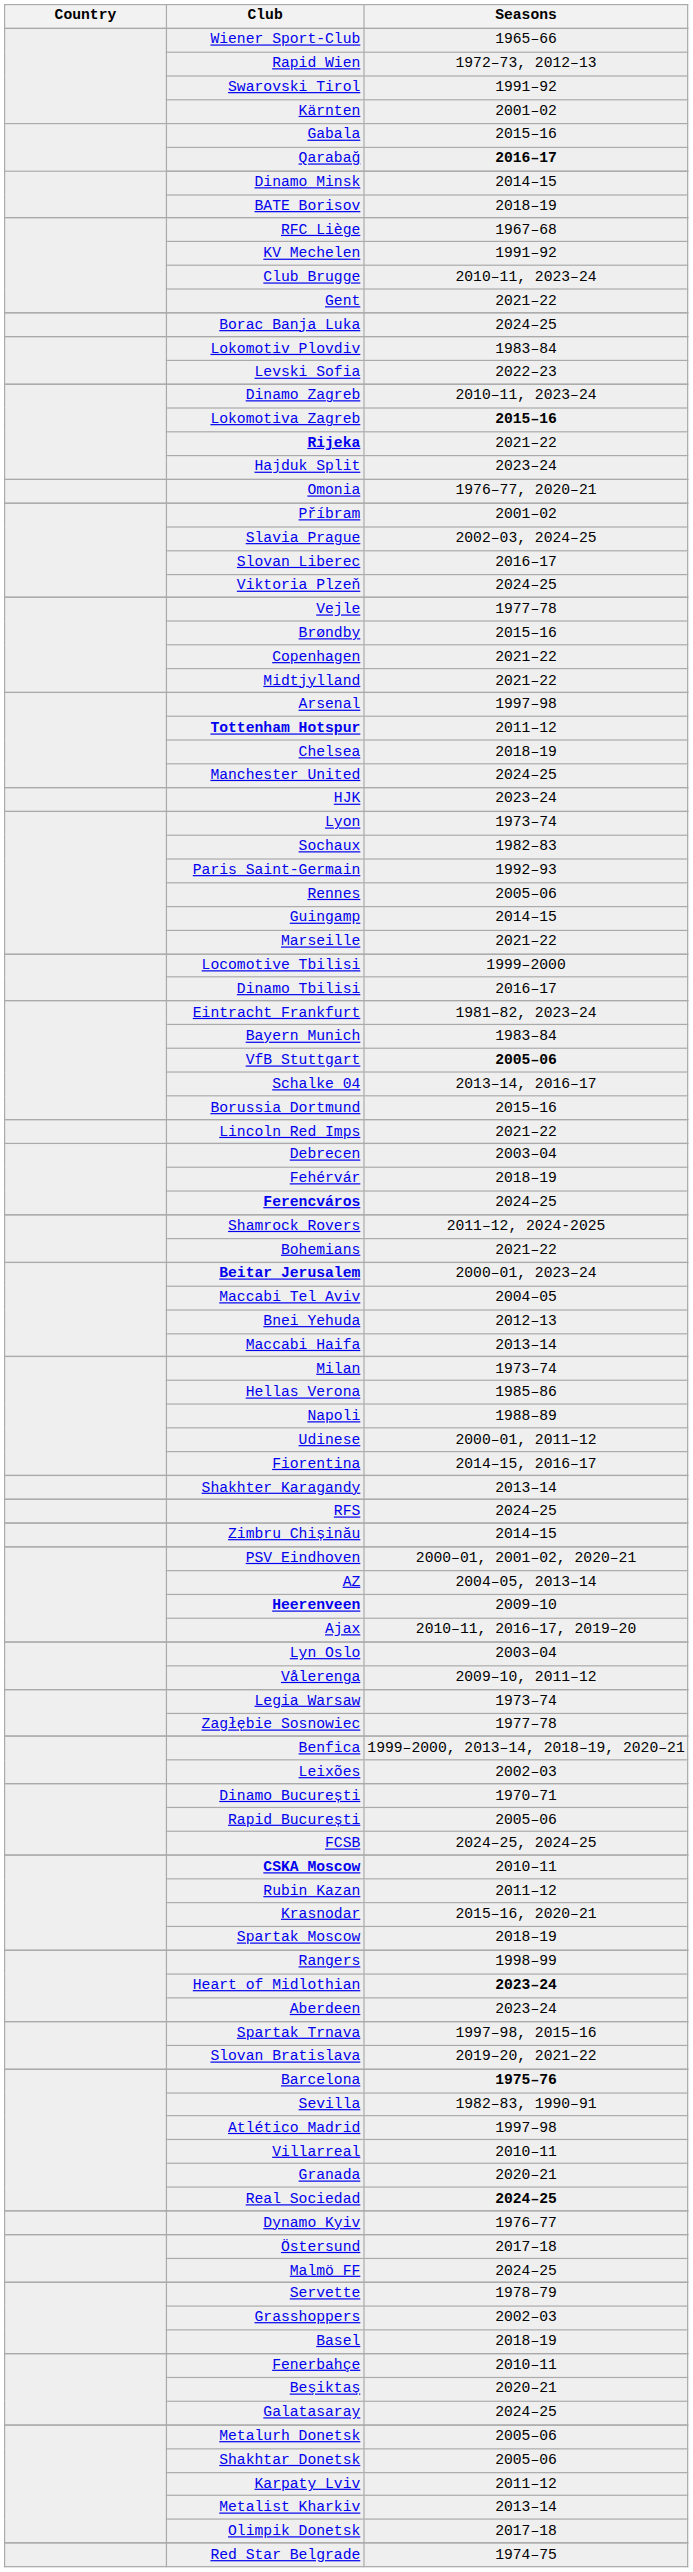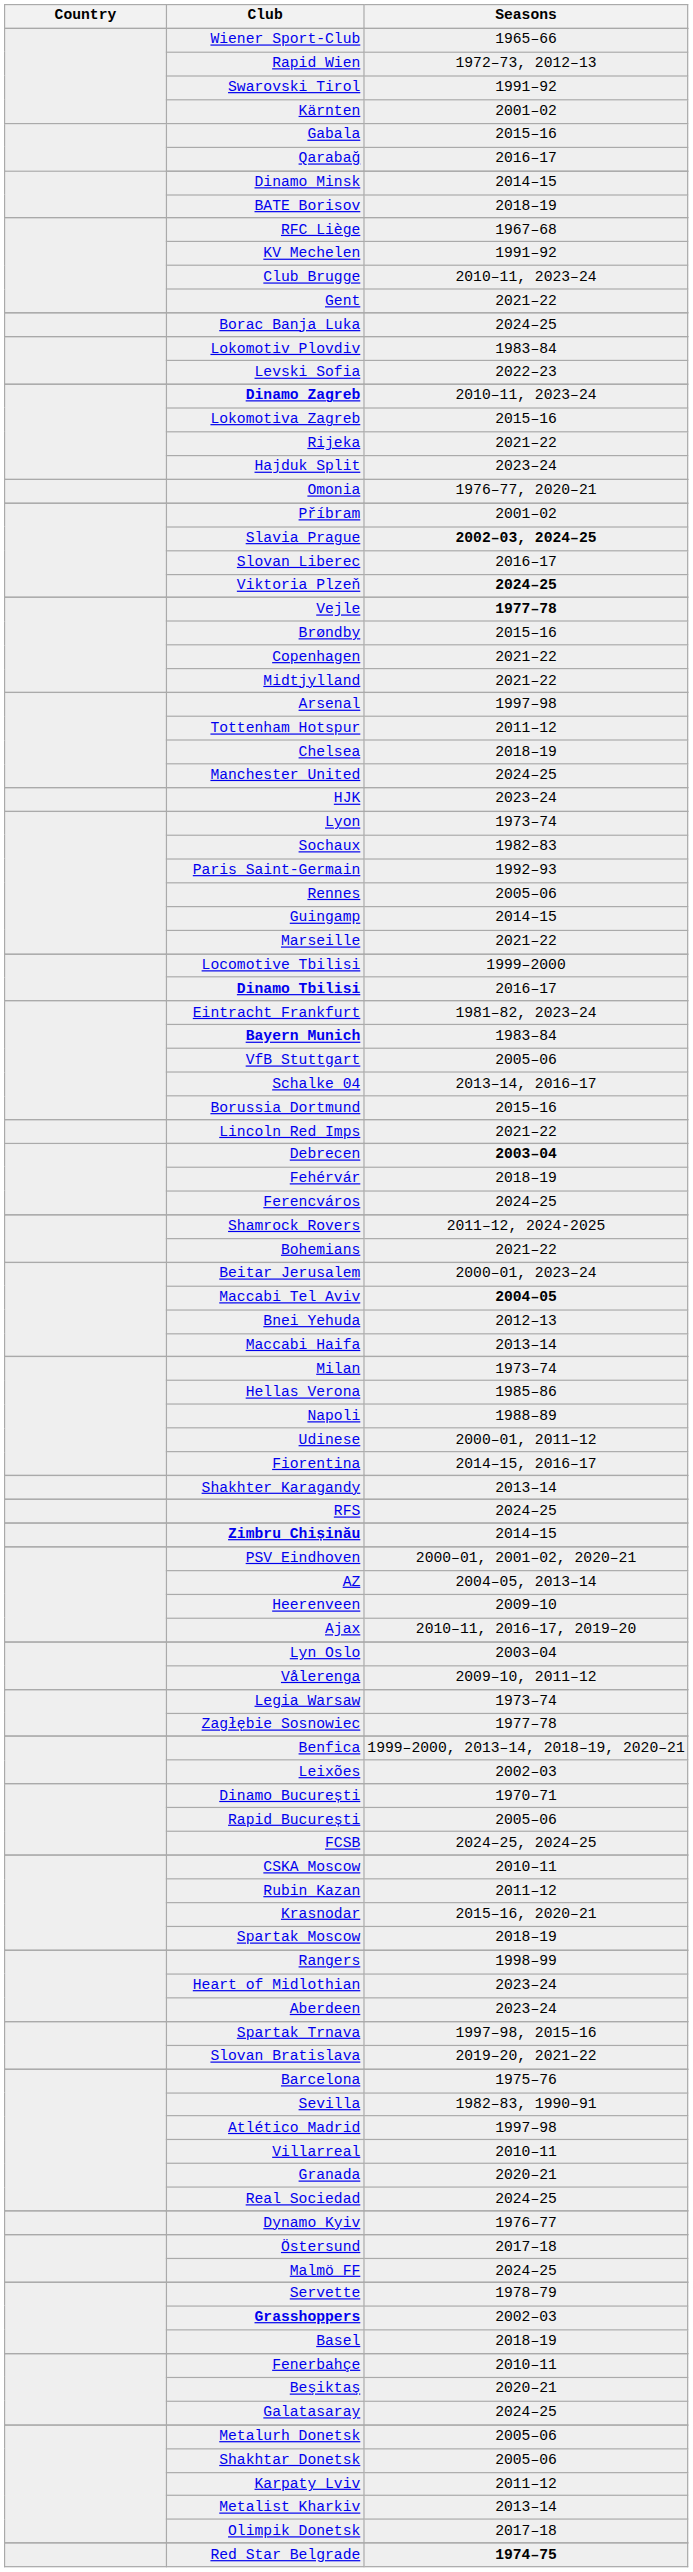 <table class="wikitable" style="text-align: center; font-size:95%">
 <tr>
 <th width="130">Country</th>
 <th width="160">Club</th>
 <th>Seasons</th>
 </tr>
 <tr>
 </tr>
 <tr bgcolor=#EFEFEF>
 <td align="left" rowspan=4><strong></strong></td>
 <td align="right"><a href='#'>Wiener Sport-Club</a></td>
 <td>1965–66</td>
 </tr>
 <tr bgcolor=#EFEFEF>
 <td align="right"><a href='#'>Rapid Wien</a></td>
 <td>1972–73, 2012–13</td>
 </tr>
 <tr bgcolor=#EFEFEF>
 <td align="right"><a href='#'>Swarovski Tirol</a></td>
 <td>1991–92</td>
 </tr>
 <tr bgcolor=#EFEFEF>
 <td align="right"><a href='#'>Kärnten</a></td>
 <td>2001–02</td>
 </tr>
 <tr bgcolor=#EFEFEF>
 <td align="left" rowspan=2><strong></strong></td>
 <td align="right"><a href='#'>Gabala</a></td>
 <td>2015–16</td>
 </tr>
 <tr bgcolor=#EFEFEF>
 <td align="right"><a href='#'>Qarabağ</a></td>
-<td><strong>2016–17</strong></td>
+<td>2016–17</td>
 </tr>
 <tr bgcolor=#EFEFEF>
 <td align="left" rowspan=3><strong></strong></td>
 </tr>
 <tr bgcolor=#EFEFEF>
 <td align="right"><a href='#'>Dinamo Minsk</a></td>
 <td>2014–15</td>
 </tr>
 <tr bgcolor=#EFEFEF>
 <td align="right"><a href='#'>BATE Borisov</a></td>
 <td>2018–19</td>
 </tr>
 <tr>
 </tr>
 <tr bgcolor=#EFEFEF>
 <td align="left" rowspan=5><strong></strong></td>
 </tr>
 <tr bgcolor=#EFEFEF>
 <td align="right"><a href='#'>RFC Liège</a></td>
 <td>1967–68</td>
 </tr>
 <tr bgcolor=#EFEFEF>
 <td align="right"><a href='#'>KV Mechelen</a></td>
 <td>1991–92</td>
 </tr>
 <tr bgcolor=#EFEFEF>
 <td align="right"><a href='#'>Club Brugge</a></td>
 <td>2010–11, 2023–24</td>
 </tr>
 <tr bgcolor=#EFEFEF>
 <td align="right"><a href='#'>Gent</a></td>
 <td>2021–22</td>
 </tr>
 <tr>
 </tr>
 <tr bgcolor=#EFEFEF>
 <td align="left" rowspan=2><strong></strong></td>
 </tr>
 <tr bgcolor=#EFEFEF>
 <td align="right"><a href='#'>Borac Banja Luka</a></td>
 <td>2024–25</td>
 </tr>
 <tr>
 </tr>
 <tr bgcolor=#EFEFEF>
 <td align="left" rowspan=3><strong></strong></td>
 </tr>
 <tr bgcolor=#EFEFEF>
 <td align="right"><a href='#'>Lokomotiv Plovdiv</a></td>
 <td>1983–84</td>
 </tr>
 <tr bgcolor=#EFEFEF>
 <td align="right"><a href='#'>Levski Sofia</a></td>
 <td>2022–23</td>
 </tr>
 <tr>
 </tr>
 <tr bgcolor=#EFEFEF>
 <td align="left" rowspan=5><strong></strong></td>
 </tr>
 <tr bgcolor=#EFEFEF>
-<td align="right"><a href='#'>Dinamo Zagreb</a></td>
+<td align="right"><strong><a href='#'>Dinamo Zagreb</a></strong></td>
 <td>2010–11, 2023–24</td>
 </tr>
 <tr bgcolor=#EFEFEF>
 <td align="right"><a href='#'>Lokomotiva Zagreb</a></td>
-<td><strong>2015–16</strong></td>
+<td>2015–16</td>
 </tr>
 <tr bgcolor=#EFEFEF>
-<td align="right"><strong><a href='#'>Rijeka</a></strong></td>
+<td align="right"><a href='#'>Rijeka</a></td>
 <td>2021–22</td>
 </tr>
 <tr bgcolor=#EFEFEF>
 <td align="right"><a href='#'>Hajduk Split</a></td>
 <td>2023–24</td>
 </tr>
 <tr bgcolor=#EFEFEF>
 </tr>
 <tr>
 </tr>
 <tr bgcolor=#EFEFEF>
 <td align="left" rowspan=2><strong></strong></td>
 </tr>
 <tr bgcolor=#EFEFEF>
 <td align="right"><a href='#'>Omonia</a></td>
 <td>1976–77, 2020–21</td>
 </tr>
 <tr>
 </tr>
 <tr bgcolor=#EFEFEF>
 <td align="left" rowspan=5><strong></strong></td>
 </tr>
 <tr bgcolor=#EFEFEF>
 <td align="right"><a href='#'>Příbram</a></td>
 <td>2001–02</td>
 </tr>
 <tr bgcolor=#EFEFEF>
 <td align="right"><a href='#'>Slavia Prague</a></td>
-<td>2002–03, 2024–25</td>
+<td><strong>2002–03, 2024–25</strong></td>
 </tr>
 <tr bgcolor=#EFEFEF>
 <td align="right"><a href='#'>Slovan Liberec</a></td>
 <td>2016–17</td>
 </tr>
 <tr bgcolor=#EFEFEF>
 <td align="right"><a href='#'>Viktoria Plzeň</a></td>
-<td>2024–25</td>
+<td><strong>2024–25</strong></td>
 </tr>
 <tr>
 </tr>
 <tr bgcolor=#EFEFEF>
 <td align="left" rowspan=5><strong></strong></td>
 </tr>
 <tr bgcolor=#EFEFEF>
 <td align="right"><a href='#'>Vejle</a></td>
-<td>1977–78</td>
+<td><strong>1977–78</strong></td>
 </tr>
 <tr bgcolor=#EFEFEF>
 <td align="right"><a href='#'>Brøndby</a></td>
 <td>2015–16</td>
 </tr>
 <tr bgcolor=#EFEFEF>
 <td align="right"><a href='#'>Copenhagen</a></td>
 <td>2021–22</td>
 </tr>
 <tr bgcolor=#EFEFEF>
 <td align="right"><a href='#'>Midtjylland</a></td>
 <td>2021–22</td>
 </tr>
 <tr>
 </tr>
 <tr bgcolor=#EFEFEF>
 <td align="left" rowspan=5><strong></strong></td>
 </tr>
 <tr bgcolor=#EFEFEF>
 <td align="right"><a href='#'>Arsenal</a></td>
 <td>1997–98</td>
 </tr>
 <tr bgcolor=#EFEFEF>
-<td align="right"><strong><a href='#'>Tottenham Hotspur</a></strong></td>
+<td align="right"><a href='#'>Tottenham Hotspur</a></td>
 <td>2011–12</td>
 </tr>
 <tr bgcolor=#EFEFEF>
 <td align="right"><a href='#'>Chelsea</a></td>
 <td>2018–19</td>
 </tr>
 <tr bgcolor=#EFEFEF>
 <td align="right"><a href='#'>Manchester United</a></td>
 <td>2024–25</td>
 </tr>
 <tr>
 </tr>
 <tr bgcolor=#EFEFEF>
 <td align="left" rowspan=2><strong></strong></td>
 </tr>
 <tr bgcolor=#EFEFEF>
 <td align="right"><a href='#'>HJK</a></td>
 <td>2023–24</td>
 </tr>
 <tr>
 </tr>
 <tr bgcolor=#EFEFEF>
 <td align="left" rowspan=7><strong></strong></td>
 </tr>
 <tr bgcolor=#EFEFEF>
 <td align="right"><a href='#'>Lyon</a></td>
 <td>1973–74</td>
 </tr>
 <tr bgcolor=#EFEFEF>
 <td align="right"><a href='#'>Sochaux</a></td>
 <td>1982–83</td>
 </tr>
 <tr bgcolor=#EFEFEF>
 <td align="right"><a href='#'>Paris Saint-Germain</a></td>
 <td>1992–93</td>
 </tr>
 <tr bgcolor=#EFEFEF>
 <td align="right"><a href='#'>Rennes</a></td>
 <td>2005–06</td>
 </tr>
 <tr bgcolor=#EFEFEF>
 <td align="right"><a href='#'>Guingamp</a></td>
 <td>2014–15</td>
 </tr>
 <tr bgcolor=#EFEFEF>
 <td align="right"><a href='#'>Marseille</a></td>
 <td>2021–22</td>
 </tr>
 <tr>
 </tr>
 <tr bgcolor=#EFEFEF>
 <td align="left" rowspan=3><strong></strong></td>
 </tr>
 <tr bgcolor=#EFEFEF>
 <td align="right"><a href='#'>Locomotive Tbilisi</a></td>
 <td>1999–2000</td>
 </tr>
 <tr bgcolor=#EFEFEF>
-<td align="right"><a href='#'>Dinamo Tbilisi</a></td>
+<td align="right"><strong><a href='#'>Dinamo Tbilisi</a></strong></td>
 <td>2016–17</td>
 </tr>
 <tr>
 </tr>
 <tr bgcolor=#EFEFEF>
 <td align="left" rowspan=6><strong></strong></td>
 </tr>
 <tr bgcolor=#EFEFEF>
 <td align="right"><a href='#'>Eintracht Frankfurt</a></td>
 <td>1981–82, 2023–24</td>
 </tr>
 <tr bgcolor=#EFEFEF>
-<td align="right"><a href='#'>Bayern Munich</a></td>
+<td align="right"><strong><a href='#'>Bayern Munich</a></strong></td>
 <td>1983–84</td>
 </tr>
 <tr bgcolor=#EFEFEF>
 <td align="right"><a href='#'>VfB Stuttgart</a></td>
-<td><strong>2005–06</strong></td>
+<td>2005–06</td>
 </tr>
 <tr bgcolor=#EFEFEF>
 <td align="right"><a href='#'>Schalke 04</a></td>
 <td>2013–14, 2016–17</td>
 </tr>
 <tr bgcolor=#EFEFEF>
 <td align="right"><a href='#'>Borussia Dortmund</a></td>
 <td>2015–16</td>
 </tr>
 <tr>
 </tr>
 <tr>
 </tr>
 <tr bgcolor=#EFEFEF>
 <td align="left" rowspan=2><strong></strong></td>
 </tr>
 <tr bgcolor=#EFEFEF>
 <td align="right"><a href='#'>Lincoln Red Imps</a></td>
 <td>2021–22</td>
 </tr>
 <tr bgcolor=#EFEFEF>
 <td align="left" rowspan=4><strong></strong></td>
 </tr>
 <tr bgcolor=#EFEFEF>
 <td align="right"><a href='#'>Debrecen</a></td>
-<td>2003–04</td>
+<td><strong>2003–04</strong></td>
 </tr>
 <tr bgcolor=#EFEFEF>
 <td align="right"><a href='#'>Fehérvár</a></td>
 <td>2018–19</td>
 </tr>
 <tr bgcolor=#EFEFEF>
-<td align="right"><strong><a href='#'>Ferencváros</a></strong></td>
+<td align="right"><a href='#'>Ferencváros</a></td>
 <td>2024–25</td>
 </tr>
 <tr>
 </tr>
 <tr bgcolor=#EFEFEF>
 <td align="left" rowspan=3><strong></strong></td>
 </tr>
 <tr bgcolor=#EFEFEF>
 <td align="right"><a href='#'>Shamrock Rovers</a></td>
 <td>2011–12, 2024-2025</td>
 </tr>
 <tr bgcolor=#EFEFEF>
 <td align="right"><a href='#'>Bohemians</a></td>
 <td>2021–22</td>
 </tr>
 <tr>
 </tr>
 <tr bgcolor=#EFEFEF>
 <td align="left" rowspan=5><strong></strong></td>
 </tr>
 <tr bgcolor=#EFEFEF>
-<td align="right"><strong><a href='#'>Beitar Jerusalem</a></strong></td>
+<td align="right"><a href='#'>Beitar Jerusalem</a></td>
 <td>2000–01, 2023–24</td>
 </tr>
 <tr bgcolor=#EFEFEF>
 <td align="right"><a href='#'>Maccabi Tel Aviv</a></td>
-<td>2004–05</td>
+<td><strong>2004–05</strong></td>
 </tr>
 <tr bgcolor=#EFEFEF>
 <td align="right"><a href='#'>Bnei Yehuda</a></td>
 <td>2012–13</td>
 </tr>
 <tr bgcolor=#EFEFEF>
 <td align="right"><a href='#'>Maccabi Haifa</a></td>
 <td>2013–14</td>
 </tr>
 <tr>
 </tr>
 <tr bgcolor=#EFEFEF>
 <td align="left" rowspan=6><strong></strong></td>
 </tr>
 <tr bgcolor=#EFEFEF>
 <td align="right"><a href='#'>Milan</a></td>
 <td>1973–74</td>
 </tr>
 <tr bgcolor=#EFEFEF>
 <td align="right"><a href='#'>Hellas Verona</a></td>
 <td>1985–86</td>
 </tr>
 <tr bgcolor=#EFEFEF>
 <td align="right"><a href='#'>Napoli</a></td>
 <td>1988–89</td>
 </tr>
 <tr bgcolor=#EFEFEF>
 <td align="right"><a href='#'>Udinese</a></td>
 <td>2000–01, 2011–12</td>
 </tr>
 <tr bgcolor=#EFEFEF>
 <td align="right"><a href='#'>Fiorentina</a></td>
 <td>2014–15, 2016–17</td>
 </tr>
 <tr>
 </tr>
 <tr bgcolor=#EFEFEF>
 <td align="left" rowspan=2><strong></strong></td>
 </tr>
 <tr bgcolor=#EFEFEF>
 <td align="right"><a href='#'>Shakhter Karagandy</a></td>
 <td>2013–14</td>
 </tr>
 <tr>
 </tr>
 <tr bgcolor=#EFEFEF>
 <td align="left" rowspan=2><strong></strong></td>
 </tr>
 <tr bgcolor=#EFEFEF>
 <td align="right"><a href='#'>RFS</a></td>
 <td>2024–25</td>
 </tr>
 <tr>
 </tr>
 <tr bgcolor=#EFEFEF>
 <td align="left" rowspan=2><strong></strong></td>
 </tr>
 <tr bgcolor=#EFEFEF>
-<td align="right"><a href='#'>Zimbru Chișinău</a></td>
+<td align="right"><strong><a href='#'>Zimbru Chișinău</a></strong></td>
 <td>2014–15</td>
 </tr>
 <tr>
 </tr>
 <tr bgcolor=#EFEFEF>
 <td align="left" rowspan=5><strong></strong></td>
 </tr>
 <tr bgcolor=#EFEFEF>
 <td align="right"><a href='#'>PSV Eindhoven</a></td>
 <td>2000–01, 2001–02, 2020–21</td>
 </tr>
 <tr bgcolor=#EFEFEF>
 <td align="right"><a href='#'>AZ</a></td>
 <td>2004–05, 2013–14</td>
 </tr>
 <tr bgcolor=#EFEFEF>
-<td align="right"><strong><a href='#'>Heerenveen</a></strong></td>
+<td align="right"><a href='#'>Heerenveen</a></td>
 <td>2009–10</td>
 </tr>
 <tr bgcolor=#EFEFEF>
 <td align="right"><a href='#'>Ajax</a></td>
 <td>2010–11, 2016–17, 2019–20</td>
 </tr>
 <tr>
 </tr>
 <tr bgcolor=#EFEFEF>
 <td align="left" rowspan=3><strong></strong></td>
 </tr>
 <tr bgcolor=#EFEFEF>
 <td align="right"><a href='#'>Lyn Oslo</a></td>
 <td>2003–04</td>
 </tr>
 <tr bgcolor=#EFEFEF>
 <td align="right"><a href='#'>Vålerenga</a></td>
 <td>2009–10, 2011–12</td>
 </tr>
 <tr>
 </tr>
 <tr bgcolor=#EFEFEF>
 <td align="left" rowspan=3><strong></strong></td>
 </tr>
 <tr bgcolor=#EFEFEF>
 <td align="right"><a href='#'>Legia Warsaw</a></td>
 <td>1973–74</td>
 </tr>
 <tr bgcolor=#EFEFEF>
 <td align="right"><a href='#'>Zagłębie Sosnowiec</a></td>
 <td>1977–78</td>
 </tr>
 <tr>
 </tr>
 <tr bgcolor=#EFEFEF>
 <td align="left" rowspan=3><strong></strong></td>
 </tr>
 <tr bgcolor=#EFEFEF>
 <td align="right"><a href='#'>Benfica</a></td>
 <td>1999–2000, 2013–14, 2018–19, 2020–21</td>
 </tr>
 <tr bgcolor=#EFEFEF>
 <td align="right"><a href='#'>Leixões</a></td>
 <td>2002–03</td>
 </tr>
 <tr>
 </tr>
 <tr bgcolor=#EFEFEF>
 <td align="left" rowspan=4><strong></strong></td>
 </tr>
 <tr bgcolor=#EFEFEF>
 <td align="right"><a href='#'>Dinamo București</a></td>
 <td>1970–71</td>
 </tr>
 <tr bgcolor=#EFEFEF>
 <td align="right"><a href='#'>Rapid București</a></td>
 <td>2005–06</td>
 </tr>
 <tr bgcolor=#EFEFEF>
 <td align="right"><a href='#'>FCSB</a></td>
 <td>2024–25, 2024–25</td>
 </tr>
 <tr>
 </tr>
 <tr bgcolor=#EFEFEF>
 <td align="left" rowspan=5><strong></strong></td>
 </tr>
 <tr bgcolor=#EFEFEF>
-<td align="right"><strong><a href='#'>CSKA Moscow</a></strong></td>
+<td align="right"><a href='#'>CSKA Moscow</a></td>
 <td>2010–11</td>
 </tr>
 <tr bgcolor=#EFEFEF>
 <td align="right"><a href='#'>Rubin Kazan</a></td>
 <td>2011–12</td>
 </tr>
 <tr bgcolor=#EFEFEF>
 <td align="right"><a href='#'>Krasnodar</a></td>
 <td>2015–16, 2020–21</td>
 </tr>
 <tr bgcolor=#EFEFEF>
 <td align="right"><a href='#'>Spartak Moscow</a></td>
 <td>2018–19</td>
 </tr>
 <tr>
 </tr>
 <tr bgcolor=#EFEFEF>
 <td align="left" rowspan=4><strong></strong></td>
 </tr>
 <tr bgcolor=#EFEFEF>
 <td align="right"><a href='#'>Rangers</a></td>
 <td>1998–99</td>
 </tr>
 <tr bgcolor=#EFEFEF>
 <td align="right"><a href='#'>Heart of Midlothian</a></td>
-<td><strong>2023–24</strong></td>
+<td>2023–24</td>
 </tr>
 <tr bgcolor=#EFEFEF>
 <td align="right"><a href='#'>Aberdeen</a></td>
 <td>2023–24</td>
 </tr>
 <tr>
 </tr>
 <tr bgcolor=#EFEFEF>
 <td align="left" rowspan=3><strong></strong></td>
 </tr>
 <tr bgcolor=#EFEFEF>
 <td align="right"><a href='#'>Spartak Trnava</a></td>
 <td>1997–98, 2015–16</td>
 </tr>
 <tr bgcolor=#EFEFEF>
 <td align="right"><a href='#'>Slovan Bratislava</a></td>
 <td>2019–20, 2021–22</td>
 </tr>
 <tr>
 </tr>
 <tr bgcolor=#EFEFEF>
 <td align="left" rowspan=7><strong></strong></td>
 </tr>
 <tr bgcolor=#EFEFEF>
 <td align="right"><a href='#'>Barcelona</a></td>
-<td><strong>1975–76</strong></td>
+<td>1975–76</td>
 </tr>
 <tr bgcolor=#EFEFEF>
 <td align="right"><a href='#'>Sevilla</a></td>
 <td>1982–83, 1990–91</td>
 </tr>
 <tr bgcolor=#EFEFEF>
 <td align="right"><a href='#'>Atlético Madrid</a></td>
 <td>1997–98</td>
 </tr>
 <tr bgcolor=#EFEFEF>
 <td align="right"><a href='#'>Villarreal</a></td>
 <td>2010–11</td>
 </tr>
 <tr bgcolor=#EFEFEF>
 <td align="right"><a href='#'>Granada</a></td>
 <td>2020–21</td>
 </tr>
 <tr bgcolor=#EFEFEF>
 <td align="right"><a href='#'>Real Sociedad</a></td>
-<td><strong>2024–25</strong></td>
+<td>2024–25</td>
 </tr>
 <tr>
 </tr>
 <tr bgcolor=#EFEFEF>
 <td align="left" rowspan=2><strong></strong></td>
 </tr>
 <tr bgcolor=#EFEFEF>
 <td align="right"><a href='#'>Dynamo Kyiv</a></td>
 <td>1976–77</td>
 </tr>
 <tr>
 </tr>
 <tr bgcolor=#EFEFEF>
 <td align="left" rowspan=3><strong></strong></td>
 </tr>
 <tr bgcolor=#EFEFEF>
 <td align="right"><a href='#'>Östersund</a></td>
 <td>2017–18</td>
 </tr>
 <tr bgcolor=#EFEFEF>
 <td align="right"><a href='#'>Malmö FF</a></td>
 <td>2024–25</td>
 </tr>
 <tr>
 </tr>
 <tr bgcolor=#EFEFEF>
 <td align="left" rowspan=4><strong></strong></td>
 </tr>
 <tr bgcolor=#EFEFEF>
 <td align="right"><a href='#'>Servette</a></td>
 <td>1978–79</td>
 </tr>
 <tr bgcolor=#EFEFEF>
-<td align="right"><a href='#'>Grasshoppers</a></td>
+<td align="right"><strong><a href='#'>Grasshoppers</a></strong></td>
 <td>2002–03</td>
 </tr>
 <tr bgcolor=#EFEFEF>
 <td align="right"><a href='#'>Basel</a></td>
 <td>2018–19</td>
 </tr>
 <tr>
 </tr>
 <tr bgcolor=#EFEFEF>
 <td align="left" rowspan=4><strong></strong></td>
 </tr>
 <tr bgcolor=#EFEFEF>
 <td align="right"><a href='#'>Fenerbahçe</a></td>
 <td>2010–11</td>
 </tr>
 <tr bgcolor=#EFEFEF>
 <td align="right"><a href='#'>Beşiktaş</a></td>
 <td>2020–21</td>
 </tr>
 <tr bgcolor=#EFEFEF>
 <td align="right"><a href='#'>Galatasaray</a></td>
 <td>2024–25</td>
 </tr>
 <tr>
 </tr>
 <tr bgcolor=#EFEFEF>
 <td align="left" rowspan=6><strong></strong></td>
 </tr>
 <tr bgcolor=#EFEFEF>
 <td align="right"><a href='#'>Metalurh Donetsk</a></td>
 <td>2005–06</td>
 </tr>
 <tr bgcolor=#EFEFEF>
 <td align="right"><a href='#'>Shakhtar Donetsk</a></td>
 <td>2005–06</td>
 </tr>
 <tr bgcolor=#EFEFEF>
 <td align="right"><a href='#'>Karpaty Lviv</a></td>
 <td>2011–12</td>
 </tr>
 <tr bgcolor=#EFEFEF>
 <td align="right"><a href='#'>Metalist Kharkiv</a></td>
 <td>2013–14</td>
 </tr>
 <tr bgcolor=#EFEFEF>
 <td align="right"><a href='#'>Olimpik Donetsk</a></td>
 <td>2017–18</td>
 </tr>
 <tr>
 </tr>
 <tr bgcolor=#EFEFEF>
 <td align="left" rowspan=2><strong></strong></td>
 </tr>
 <tr bgcolor=#EFEFEF>
 <td align="right"><a href='#'>Red Star Belgrade</a></td>
-<td>1974–75</td>
+<td><strong>1974–75</strong></td>
 </tr>
 </table>
